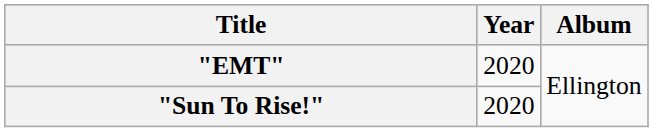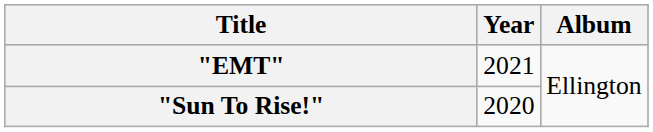 <table class="wikitable plainrowheaders" style="text-align:center;">
 <tr>
 <th scope="col" style="width:18em;">Title</th>
 <th scope="col">Year</th>
 <th scope="col">Album</th>
 </tr>
 <tr>
 <th scope="row">"EMT"</th>
-<td>2020</td>
+<td>2021</td>
 <td rowspan="2">Ellington</td>
 </tr>
 <tr>
 <th scope="row">"Sun To Rise!"</th>
 <td>2020</td>
 </tr>
 </table>
